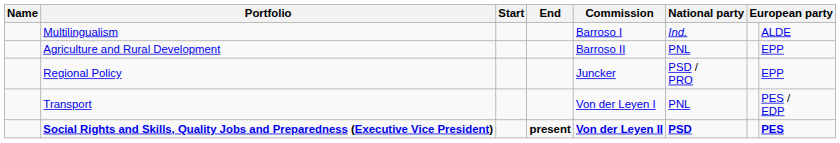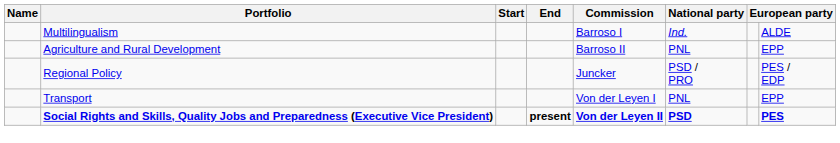 <table class="wikitable sortable" style="font-size: 90%;">
 <tr>
 <th>Name</th>
 <th>Portfolio</th>
 <th>Start</th>
 <th>End</th>
 <th>Commission</th>
 <th>National party</th>
 <th colspan=2>European party</th>
 </tr>
 <tr>
 <td></td>
 <td><a href='#'>Multilingualism</a></td>
 <td></td>
 <td></td>
 <td><a href='#'>Barroso I</a></td>
 <td><em><a href='#'>Ind.</a></em></td>
 <td style="background:"></td>
 <td><a href='#'>ALDE</a></td>
 </tr>
 <tr>
 <td></td>
 <td><a href='#'>Agriculture and Rural Development</a></td>
 <td></td>
 <td></td>
 <td><a href='#'>Barroso II</a></td>
 <td><a href='#'>PNL</a></td>
 <td style="background:"></td>
 <td><a href='#'>EPP</a></td>
 </tr>
 <tr>
 <td></td>
 <td><a href='#'>Regional Policy</a></td>
 <td></td>
 <td></td>
 <td><a href='#'>Juncker</a></td>
 <td><a href='#'>PSD</a> /<br><a href='#'>PRO</a></td>
 <td style="background:"></td>
-<td><a href='#'>EPP</a></td>
+<td><a href='#'>PES</a> /<br><a href='#'>EDP</a></td>
 </tr>
 <tr>
 <td></td>
 <td><a href='#'>Transport</a></td>
 <td></td>
 <td></td>
 <td><a href='#'>Von der Leyen I</a></td>
 <td><a href='#'>PNL</a></td>
 <td style="background:"></td>
-<td><a href='#'>PES</a> /<br><a href='#'>EDP</a></td>
+<td><a href='#'>EPP</a></td>
 </tr>
 <tr>
 <td><strong></strong></td>
 <td><strong><a href='#'>Social Rights and Skills, Quality Jobs and Preparedness</a> (<a href='#'>Executive Vice President</a>)</strong></td>
 <td><strong></strong></td>
 <td><strong>present</strong></td>
 <td><strong><a href='#'>Von der Leyen II</a></strong></td>
 <td><strong><a href='#'>PSD</a></strong></td>
 <td style="background:"></td>
 <td><strong><a href='#'>PES</a></strong></td>
 </tr>
 </table>
